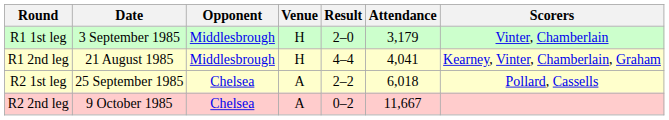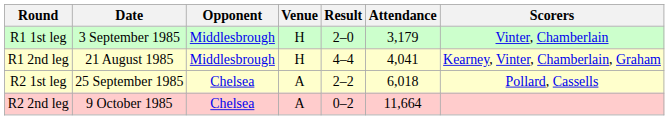 <table class="wikitable" style="font-size:100%; text-align:center">
 <tr>
 <th>Round</th>
 <th>Date</th>
 <th>Opponent</th>
 <th>Venue</th>
 <th>Result</th>
 <th>Attendance</th>
 <th>Scorers</th>
 </tr>
 <tr style="background-color: #CCFFCC;">
 <td>R1 1st leg</td>
 <td>3 September 1985</td>
 <td><a href='#'>Middlesbrough</a></td>
 <td>H</td>
 <td>2–0</td>
 <td>3,179</td>
 <td><a href='#'>Vinter</a>, <a href='#'>Chamberlain</a></td>
 </tr>
 <tr style="background-color: #FFFFCC;">
 <td>R1 2nd leg</td>
 <td>21 August 1985</td>
 <td><a href='#'>Middlesbrough</a></td>
 <td>H</td>
 <td>4–4</td>
 <td>4,041</td>
 <td><a href='#'>Kearney</a>, <a href='#'>Vinter</a>, <a href='#'>Chamberlain</a>, <a href='#'>Graham</a></td>
 </tr>
 <tr style="background-color: #FFFFCC;">
 <td>R2 1st leg</td>
 <td>25 September 1985</td>
 <td><a href='#'>Chelsea</a></td>
 <td>A</td>
 <td>2–2</td>
 <td>6,018</td>
 <td><a href='#'>Pollard</a>, <a href='#'>Cassells</a></td>
 </tr>
 <tr style="background-color: #FFCCCC;">
 <td>R2 2nd leg</td>
 <td>9 October 1985</td>
 <td><a href='#'>Chelsea</a></td>
 <td>A</td>
 <td>0–2</td>
-<td>11,667</td>
+<td>11,664</td>
 <td></td>
 </tr>
 </table>
